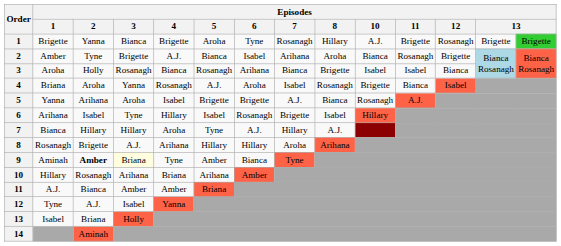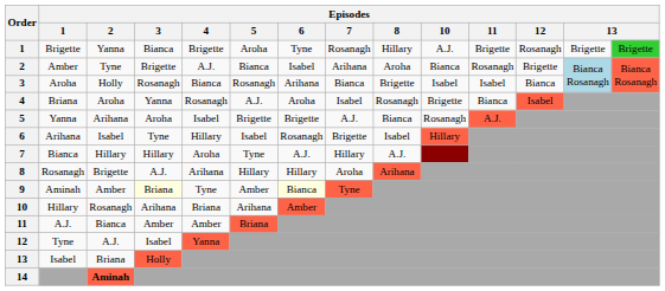 <table class="wikitable" style="text-align:center; font-size:92%">
 <tr>
 <th rowspan=2>Order</th>
 <th colspan=14>Episodes</th>
 </tr>
 <tr>
 <th>1</th>
 <th>2</th>
 <th>3</th>
 <th>4</th>
 <th>5</th>
 <th>6</th>
 <th>7</th>
 <th>8</th>
 <th>10</th>
 <th>11</th>
 <th>12</th>
 <th colspan=2>13</th>
 </tr>
 <tr>
 <th>1</th>
 <td>Brigette</td>
 <td>Yanna</td>
 <td>Bianca</td>
 <td>Brigette</td>
 <td>Aroha</td>
 <td>Tyne</td>
 <td>Rosanagh</td>
 <td>Hillary</td>
 <td>A.J.</td>
 <td>Brigette</td>
 <td>Rosanagh</td>
 <td>Brigette</td>
 <td bgcolor="limegreen">Brigette</td>
 </tr>
 <tr>
 <th>2</th>
 <td>Amber</td>
 <td>Tyne</td>
 <td>Brigette</td>
 <td>A.J.</td>
 <td>Bianca</td>
 <td>Isabel</td>
 <td>Arihana</td>
 <td>Aroha</td>
 <td>Bianca</td>
 <td>Rosanagh</td>
 <td>Brigette</td>
 <td bgcolor="lightblue" rowspan="2">Bianca<br>Rosanagh</td>
 <td bgcolor="tomato" rowspan="2">Bianca<br>Rosanagh</td>
 </tr>
 <tr>
 <th>3</th>
 <td>Aroha</td>
 <td>Holly</td>
 <td>Rosanagh</td>
 <td>Bianca</td>
 <td>Rosanagh</td>
 <td>Arihana</td>
 <td>Bianca</td>
 <td>Brigette</td>
 <td>Isabel</td>
 <td>Isabel</td>
 <td>Bianca</td>
 </tr>
 <tr>
 <th>4</th>
 <td>Briana</td>
 <td>Aroha</td>
 <td>Yanna</td>
 <td>Rosanagh</td>
 <td>A.J.</td>
 <td>Aroha</td>
 <td>Isabel</td>
 <td>Rosanagh</td>
 <td>Brigette</td>
 <td>Bianca</td>
 <td bgcolor="tomato">Isabel</td>
 <td bgcolor="darkgray" colspan=3></td>
 </tr>
 <tr>
 <th>5</th>
 <td>Yanna</td>
 <td>Arihana</td>
 <td>Aroha</td>
 <td>Isabel</td>
 <td>Brigette</td>
 <td>Brigette</td>
 <td>A.J.</td>
 <td>Bianca</td>
 <td>Rosanagh</td>
 <td bgcolor="tomato">A.J.</td>
 <td bgcolor="darkgray" colspan=4></td>
 </tr>
 <tr>
 <th>6</th>
 <td>Arihana</td>
 <td>Isabel</td>
 <td>Tyne</td>
 <td>Hillary</td>
 <td>Isabel</td>
 <td>Rosanagh</td>
 <td>Brigette</td>
 <td>Isabel</td>
 <td bgcolor="tomato">Hillary</td>
 <td bgcolor="darkgray" colspan=6></td>
 </tr>
 <tr>
 <th>7</th>
 <td>Bianca</td>
 <td>Hillary</td>
 <td>Hillary</td>
 <td>Aroha</td>
 <td>Tyne</td>
 <td>A.J.</td>
 <td>Hillary</td>
 <td>A.J.</td>
 <td bgcolor="darkred"></td>
 <td bgcolor="darkgray" colspan=6></td>
 </tr>
 <tr>
 <th>8</th>
 <td>Rosanagh</td>
 <td>Brigette</td>
 <td>A.J.</td>
 <td>Arihana</td>
 <td>Hillary</td>
 <td>Hillary</td>
 <td>Aroha</td>
 <td bgcolor="tomato">Arihana</td>
 <td bgcolor="darkgray" colspan=7></td>
 </tr>
 <tr>
 <th>9</th>
 <td>Aminah</td>
-<td><strong>Amber</strong></td>
+<td>Amber</td>
 <td style="background: lightyellow;">Briana</td>
 <td>Tyne</td>
 <td>Amber</td>
-<td>Bianca</td>
+<td style="background: lightyellow;">Bianca</td>
 <td bgcolor="tomato">Tyne</td>
 <td bgcolor="darkgray" colspan=8></td>
 </tr>
 <tr>
 <th>10</th>
 <td>Hillary</td>
 <td>Rosanagh</td>
 <td>Arihana</td>
 <td>Briana</td>
 <td>Arihana</td>
 <td bgcolor="tomato">Amber</td>
 <td bgcolor="darkgray" colspan=9></td>
 </tr>
 <tr>
 <th>11</th>
 <td>A.J.</td>
 <td>Bianca</td>
 <td>Amber</td>
 <td>Amber</td>
 <td bgcolor="tomato">Briana</td>
 <td bgcolor="darkgray" colspan=10></td>
 </tr>
 <tr>
 <th>12</th>
 <td>Tyne</td>
 <td>A.J.</td>
 <td>Isabel</td>
 <td bgcolor="tomato">Yanna</td>
 <td bgcolor="darkgray" colspan=11></td>
 </tr>
 <tr>
 <th>13</th>
 <td>Isabel</td>
 <td>Briana</td>
 <td bgcolor="tomato">Holly</td>
 <td bgcolor="darkgray" colspan=12></td>
 </tr>
 <tr>
 <th>14</th>
 <td bgcolor="darkgray"></td>
-<td bgcolor="tomato">Aminah</td>
+<td bgcolor="tomato"><strong>Aminah</strong></td>
 <td bgcolor="darkgray" colspan=13></td>
 </tr>
 </table>
